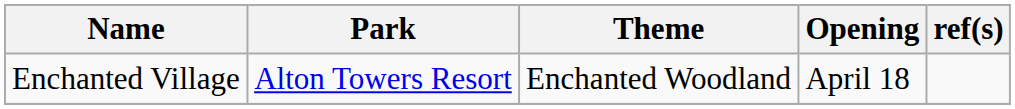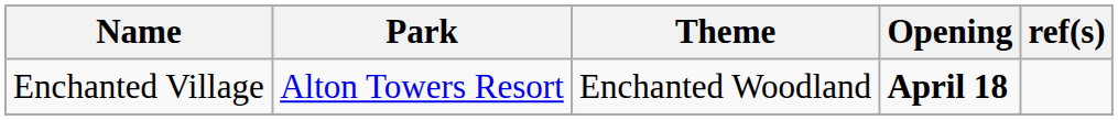 <table class="wikitable sortable">
 <tr>
 <th>Name</th>
 <th>Park</th>
 <th>Theme</th>
 <th>Opening</th>
 <th>ref(s)</th>
 </tr>
 <tr>
 <td>Enchanted Village</td>
 <td><a href='#'>Alton Towers Resort</a></td>
 <td>Enchanted Woodland</td>
-<td>April 18</td>
+<td><strong>April 18</strong></td>
 <td></td>
 </tr>
 <tr>
 </tr>
 </table>
